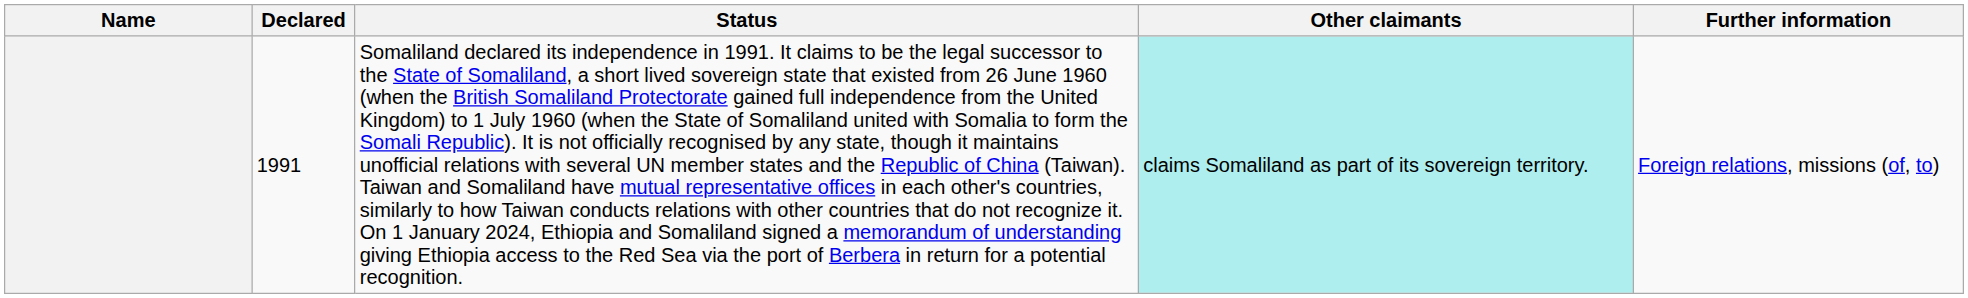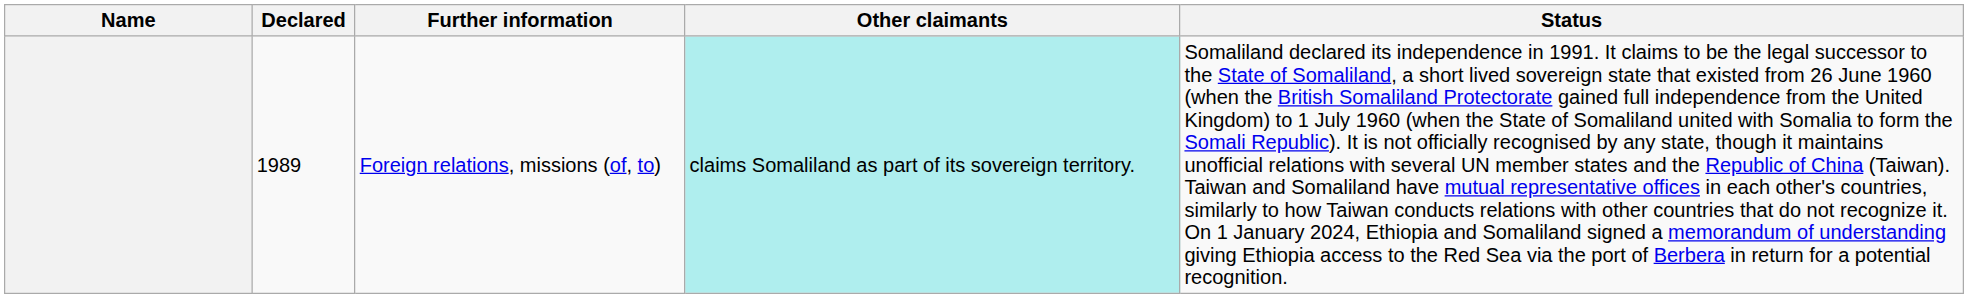 <table class="wikitable sortable">
 <tr>
 <th scope=col style="width:12%;">Name</th>
 <th scope=col style="width:5%;">Declared</th>
+<th scope=col style="width:16%;" class=unsortable>Further information</th>
+<th scope=col style="width:24%;" class=unsortable>Other claimants</th>
 <th scope=col style="width:38%;" class=unsortable>Status</th>
-<th scope=col style="width:24%;" class=unsortable>Other claimants</th>
-<th scope=col style="width:16%;" class=unsortable>Further information</th>
 </tr>
 <tr>
 <th scope=row></th>
-<td>1991</td>
+<td>1989</td>
+<td><a href='#'>Foreign relations</a>, missions (<a href='#'>of</a>, <a href='#'>to</a>)</td>
+<td style="background: paleturquoise;"> claims Somaliland as part of its sovereign territory.</td>
 <td>Somaliland declared its independence in 1991. It claims to be the legal successor to the <a href='#'>State of Somaliland</a>, a short lived sovereign state that existed from 26 June 1960 (when the <a href='#'>British Somaliland Protectorate</a> gained full independence from the United Kingdom) to 1 July 1960 (when the State of Somaliland united with Somalia to form the <a href='#'>Somali Republic</a>). It is not officially recognised by any state, though it maintains unofficial relations with several UN member states and the <a href='#'>Republic of China</a> (Taiwan). Taiwan and Somaliland have <a href='#'>mutual representative offices</a> in each other's countries, similarly to how Taiwan conducts relations with other countries that do not recognize it. On 1 January 2024, Ethiopia and Somaliland signed a <a href='#'>memorandum of understanding</a> giving Ethiopia access to the Red Sea via the port of <a href='#'>Berbera</a> in return for a potential recognition.</td>
-<td style="background: paleturquoise;"> claims Somaliland as part of its sovereign territory.</td>
-<td><a href='#'>Foreign relations</a>, missions (<a href='#'>of</a>, <a href='#'>to</a>)</td>
 </tr>
 </table>
